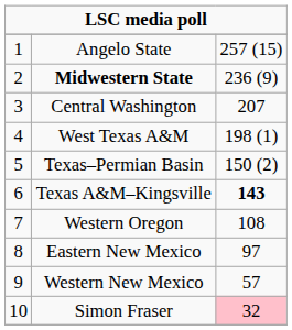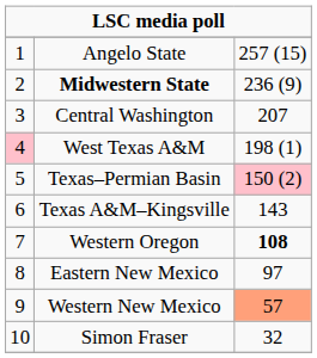 <table class="wikitable" style="display: inline-table;">
 <tr>
 <td align="center" Colspan="3"><strong>LSC media poll</strong></td>
 </tr>
 <tr align="center">
 </tr>
 <tr align="center">
 <td>1</td>
 <td>Angelo State</td>
 <td>257 (15)</td>
 </tr>
 <tr align="center">
 <td>2</td>
 <td><strong>Midwestern State</strong></td>
 <td>236 (9)</td>
 </tr>
 <tr align="center">
 <td>3</td>
 <td>Central Washington</td>
 <td>207</td>
 </tr>
 <tr align="center">
-<td>4</td>
+<td style="background: pink;">4</td>
 <td>West Texas A&M</td>
 <td>198 (1)</td>
 </tr>
 <tr align="center">
 <td>5</td>
 <td>Texas–Permian Basin</td>
-<td>150 (2)</td>
+<td style="background: pink;">150 (2)</td>
 </tr>
 <tr align="center">
 <td>6</td>
 <td>Texas A&M–Kingsville</td>
-<td><strong>143</strong></td>
+<td>143</td>
 </tr>
 <tr align="center">
 <td>7</td>
 <td>Western Oregon</td>
-<td>108</td>
+<td><strong>108</strong></td>
 </tr>
 <tr align="center">
 <td>8</td>
 <td>Eastern New Mexico</td>
 <td>97</td>
 </tr>
 <tr align="center">
 <td>9</td>
 <td>Western New Mexico</td>
-<td>57</td>
+<td style="background: lightsalmon;">57</td>
 </tr>
 <tr align="center">
 <td>10</td>
 <td>Simon Fraser</td>
-<td style="background: pink;">32</td>
+<td>32</td>
 </tr>
 <tr>
 </tr>
 </table>
